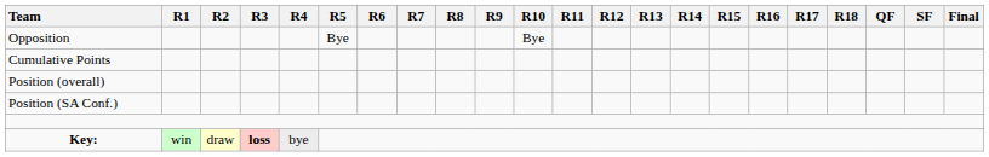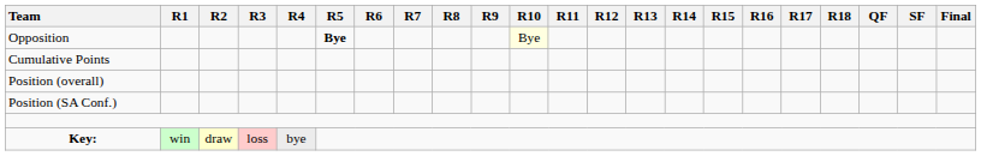 <table class="wikitable" style="text-align:center; width:90%; font-size:100%">
 <tr>
 <th style="text-align:left; width:16%;">Team</th>
 <th style="width:4%;">R1</th>
 <th style="width:4%;">R2</th>
 <th style="width:4%;">R3</th>
 <th style="width:4%;">R4</th>
 <th style="width:4%;">R5</th>
 <th style="width:4%;">R6</th>
 <th style="width:4%;">R7</th>
 <th style="width:4%;">R8</th>
 <th style="width:4%;">R9</th>
 <th style="width:4%;">R10</th>
 <th style="width:4%;">R11</th>
 <th style="width:4%;">R12</th>
 <th style="width:4%;">R13</th>
 <th style="width:4%;">R14</th>
 <th style="width:4%;">R15</th>
 <th style="width:4%;">R16</th>
 <th style="width:4%;">R17</th>
 <th style="width:4%;">R18</th>
 <th style="width:4%;">QF</th>
 <th style="width:4%;">SF</th>
 <th style="width:4%;">Final</th>
 </tr>
 <tr>
 <td style="text-align:left;">Opposition</td>
 <td> </td>
 <td> </td>
 <td> </td>
 <td> </td>
-<td>Bye</td>
+<td><strong>Bye</strong></td>
 <td> </td>
 <td> </td>
 <td> </td>
 <td> </td>
-<td>Bye</td>
+<td style="background: lightyellow;">Bye</td>
 <td> </td>
 <td> </td>
 <td> </td>
 <td> </td>
 <td> </td>
 <td> </td>
 <td> </td>
 <td> </td>
 <td></td>
 <td></td>
 <td></td>
 </tr>
 <tr>
 <td style="text-align:left;">Cumulative Points</td>
 <td></td>
 <td></td>
 <td></td>
 <td></td>
 <td></td>
 <td></td>
 <td></td>
 <td></td>
 <td></td>
 <td></td>
 <td></td>
 <td></td>
 <td></td>
 <td></td>
 <td></td>
 <td></td>
 <td></td>
 <td></td>
 <td></td>
 <td></td>
 <td></td>
 </tr>
 <tr>
 <td style="text-align:left;">Position (overall)</td>
 <td></td>
 <td></td>
 <td></td>
 <td></td>
 <td></td>
 <td></td>
 <td></td>
 <td></td>
 <td></td>
 <td></td>
 <td></td>
 <td></td>
 <td></td>
 <td></td>
 <td></td>
 <td></td>
 <td></td>
 <td></td>
 <td></td>
 <td></td>
 <td></td>
 </tr>
 <tr>
 <td style="text-align:left;">Position (SA Conf.)</td>
 <td></td>
 <td></td>
 <td></td>
 <td></td>
 <td></td>
 <td></td>
 <td></td>
 <td></td>
 <td></td>
 <td></td>
 <td></td>
 <td></td>
 <td></td>
 <td></td>
 <td></td>
 <td></td>
 <td></td>
 <td></td>
 <td></td>
 <td></td>
 <td></td>
 </tr>
 <tr>
 <td colspan=100% style="height:10px"></td>
 </tr>
 <tr>
 <td><strong>Key:</strong></td>
 <td style="background:#CCFFCC;">win</td>
 <td style="background:#FFFFCC;">draw</td>
-<td style="background:#FFCCCC;"><strong>loss</strong></td>
+<td style="background:#FFCCCC;">loss</td>
 <td style="background:#ECECEC;">bye</td>
 <td colspan=100%></td>
 </tr>
 </table>
